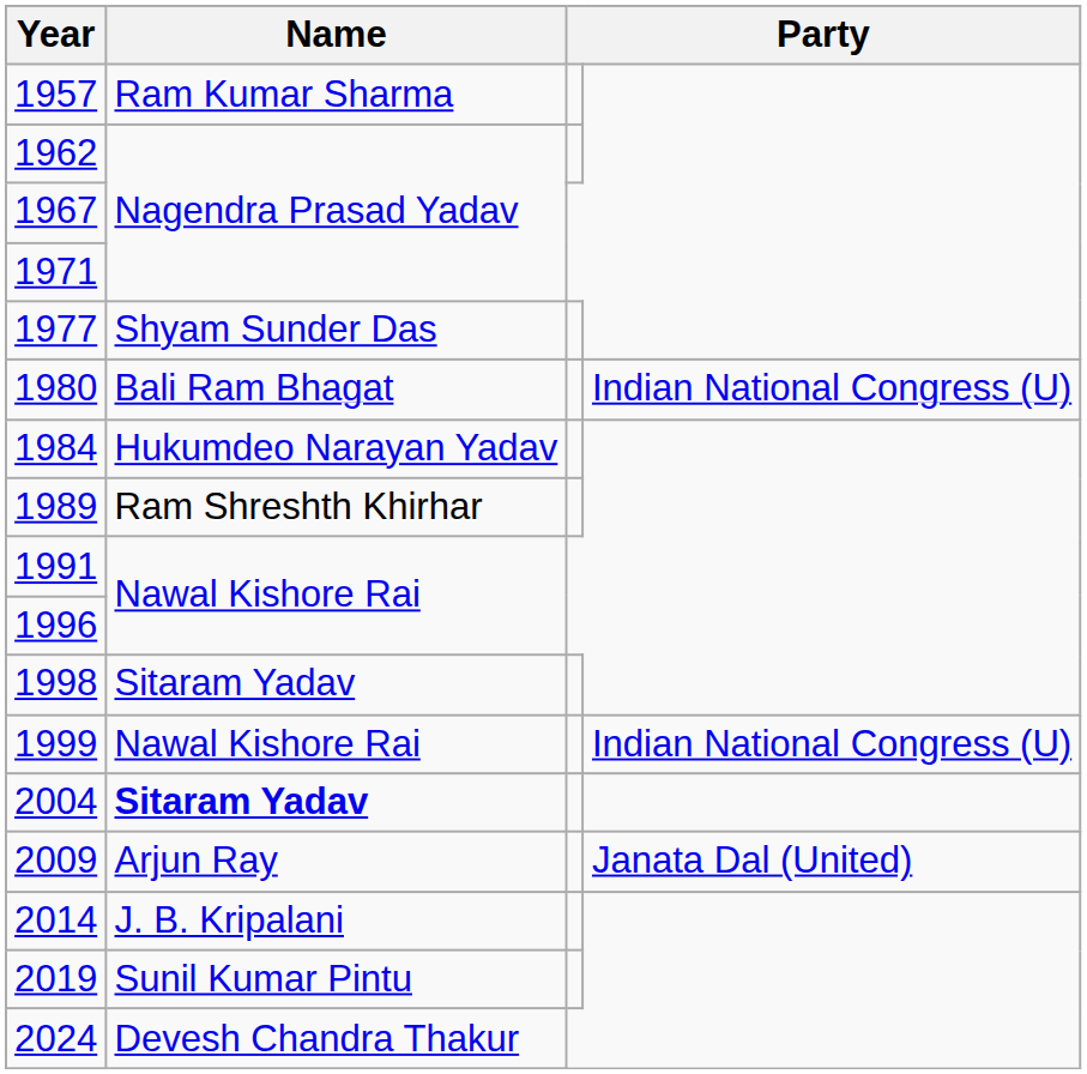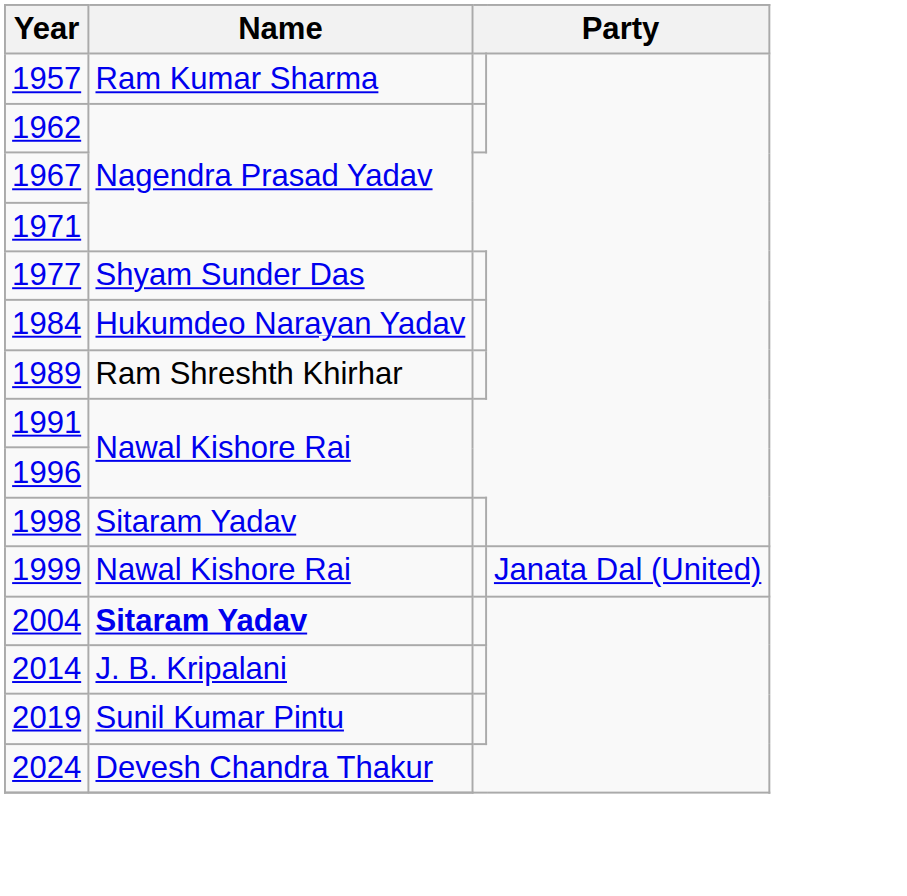 <table class="wikitable">
 <tr>
 <th>Year</th>
 <th>Name</th>
 <th colspan="2">Party</th>
 </tr>
 <tr>
 <td><a href='#'>1957</a></td>
 <td><a href='#'>Ram Kumar Sharma</a></td>
 <td></td>
 </tr>
 <tr>
 <td><a href='#'>1962</a></td>
 <td rowspan="3"><a href='#'>Nagendra Prasad Yadav</a></td>
 <td></td>
 </tr>
 <tr>
 <td><a href='#'>1967</a></td>
 </tr>
 <tr>
 <td><a href='#'>1971</a></td>
 </tr>
 <tr>
 <td><a href='#'>1977</a></td>
 <td><a href='#'>Shyam Sunder Das</a></td>
 <td></td>
 </tr>
 <tr>
-<td><a href='#'>1980</a></td>
-<td><a href='#'>Bali Ram Bhagat</a></td>
-<td style="background-color: "></td>
-<td><a href='#'>Indian National Congress (U)</a></td>
-</tr>
-<tr>
 <td><a href='#'>1984</a></td>
 <td><a href='#'>Hukumdeo Narayan Yadav</a></td>
 <td></td>
 </tr>
 <tr>
 <td><a href='#'>1989</a></td>
 <td>Ram Shreshth Khirhar</td>
 <td></td>
 </tr>
 <tr>
 <td><a href='#'>1991</a></td>
 <td rowspan="2"><a href='#'>Nawal Kishore Rai</a></td>
 </tr>
 <tr>
 <td><a href='#'>1996</a></td>
 </tr>
 <tr>
 <td><a href='#'>1998</a></td>
 <td><a href='#'>Sitaram Yadav</a></td>
 <td></td>
 </tr>
 <tr>
 <td><a href='#'>1999</a></td>
 <td><a href='#'>Nawal Kishore Rai</a></td>
 <td style="background-color: "></td>
-<td><a href='#'>Indian National Congress (U)</a></td>
+<td><a href='#'>Janata Dal (United)</a></td>
 </tr>
 <tr>
 <td><a href='#'>2004</a></td>
 <td><strong><a href='#'>Sitaram Yadav</a></strong></td>
 <td></td>
-</tr>
-<tr>
-<td><a href='#'>2009</a></td>
-<td><a href='#'>Arjun Ray</a></td>
-<td style="background-color: "></td>
-<td><a href='#'>Janata Dal (United)</a></td>
 </tr>
 <tr>
 <td><a href='#'>2014</a></td>
 <td><a href='#'>J. B. Kripalani</a></td>
 <td></td>
 </tr>
 <tr>
 <td><a href='#'>2019</a></td>
 <td><a href='#'>Sunil Kumar Pintu</a></td>
 <td></td>
 </tr>
 <tr>
 <td><a href='#'>2024</a></td>
 <td><a href='#'>Devesh Chandra Thakur</a></td>
 </tr>
 <tr>
 </tr>
 </table>
